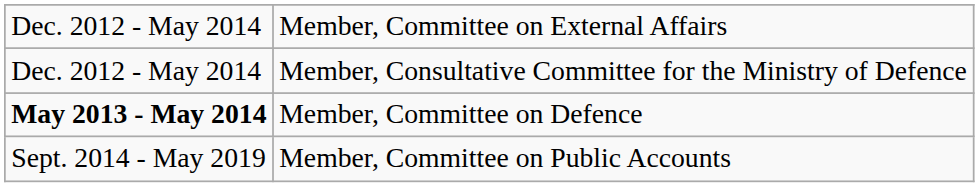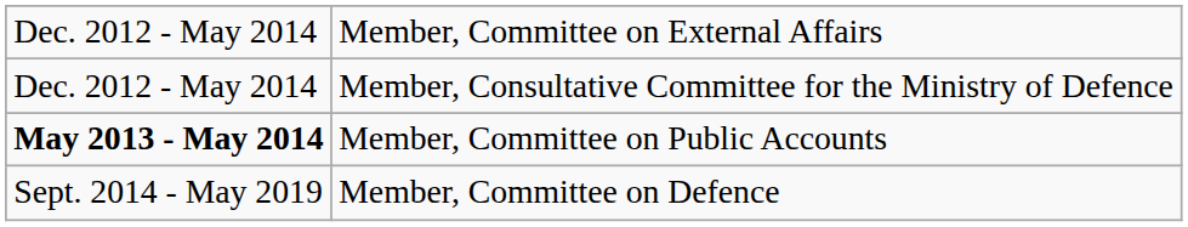 <table class="wikitable">
 <tr>
 <td>Dec. 2012 - May 2014</td>
 <td>Member, Committee on External Affairs</td>
 </tr>
 <tr>
 <td>Dec. 2012 - May 2014</td>
 <td>Member, Consultative Committee for the Ministry of Defence</td>
 </tr>
 <tr>
 <td><strong>May 2013 - May 2014</strong></td>
-<td>Member, Committee on Defence</td>
+<td>Member, Committee on Public Accounts</td>
 </tr>
 <tr>
 <td>Sept. 2014 - May 2019</td>
-<td>Member, Committee on Public Accounts</td>
+<td>Member, Committee on Defence</td>
 </tr>
 </table>
